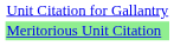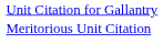 <table>
 <tr>
 <td> <a href='#'>Unit Citation for Gallantry</a></td>
 </tr>
 <tr>
-<td style="background: lightgreen;"> <a href='#'>Meritorious Unit Citation</a></td>
+<td> <a href='#'>Meritorious Unit Citation</a></td>
 </tr>
 <tr>
 </tr>
 </table>
